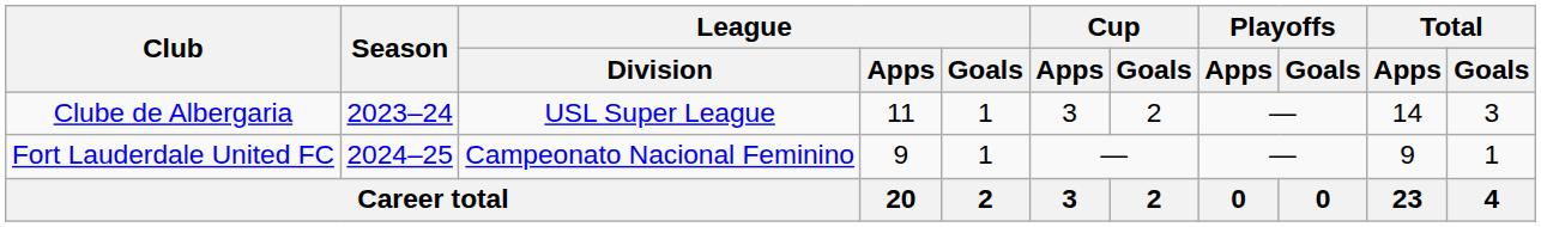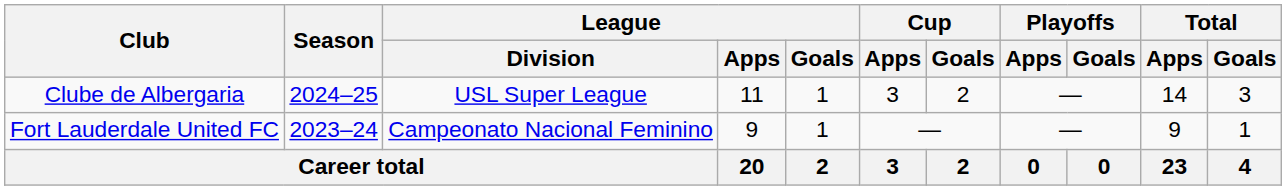 <table class="wikitable" style="text-align: center;">
 <tr>
 <th rowspan="2">Club</th>
 <th rowspan="2">Season</th>
 <th colspan="3">League</th>
 <th colspan="2">Cup</th>
 <th colspan="2">Playoffs</th>
 <th colspan="2">Total</th>
 </tr>
 <tr>
 <th>Division</th>
 <th>Apps</th>
 <th>Goals</th>
 <th>Apps</th>
 <th>Goals</th>
 <th>Apps</th>
 <th>Goals</th>
 <th>Apps</th>
 <th>Goals</th>
 </tr>
 <tr>
 <td><a href='#'>Clube de Albergaria</a></td>
-<td><a href='#'>2023–24</a></td>
+<td><a href='#'>2024–25</a></td>
 <td><a href='#'>USL Super League</a></td>
 <td>11</td>
 <td>1</td>
 <td>3</td>
 <td>2</td>
 <td colspan="2">—</td>
 <td>14</td>
 <td>3</td>
 </tr>
 <tr>
 <td><a href='#'>Fort Lauderdale United FC</a></td>
-<td><a href='#'>2024–25</a></td>
+<td><a href='#'>2023–24</a></td>
 <td><a href='#'>Campeonato Nacional Feminino</a></td>
 <td>9</td>
 <td>1</td>
 <td colspan="2">—</td>
 <td colspan="2">—</td>
 <td>9</td>
 <td>1</td>
 </tr>
 <tr>
 <th colspan="3">Career total</th>
 <th>20</th>
 <th>2</th>
 <th>3</th>
 <th>2</th>
 <th>0</th>
 <th>0</th>
 <th>23</th>
 <th>4</th>
 </tr>
 </table>
